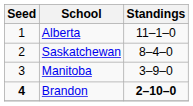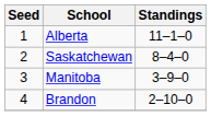 <table class="wikitable">
 <tr>
 <th>Seed</th>
 <th>School</th>
 <th>Standings</th>
 </tr>
 <tr>
 <td align=center>1</td>
 <td><a href='#'>Alberta</a></td>
 <td align=center>11–1–0</td>
 </tr>
 <tr>
 <td align=center>2</td>
 <td><a href='#'>Saskatchewan</a></td>
 <td align=center>8–4–0</td>
 </tr>
 <tr>
 <td align=center>3</td>
 <td><a href='#'>Manitoba</a></td>
 <td align=center>3–9–0</td>
 </tr>
 <tr>
-<td align=center><strong>4</strong></td>
+<td align=center>4</td>
 <td><a href='#'>Brandon</a></td>
-<td align=center><strong>2–10–0</strong></td>
+<td align=center>2–10–0</td>
 </tr>
 <tr>
 </tr>
 </table>
